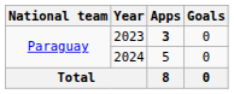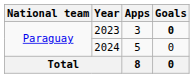 <table class=wikitable style=text-align:center>
 <tr>
 <th>National team</th>
 <th>Year</th>
 <th>Apps</th>
 <th>Goals</th>
 </tr>
 <tr>
 <td rowspan="2"><a href='#'>Paraguay</a></td>
 <td>2023</td>
-<td><strong>3</strong></td>
-<td>0</td>
+<td>3</td>
+<td><strong>0</strong></td>
 </tr>
 <tr>
 <td>2024</td>
 <td>5</td>
 <td>0</td>
 </tr>
 <tr>
 <th colspan="2">Total</th>
 <th>8</th>
 <th>0</th>
 </tr>
 </table>
